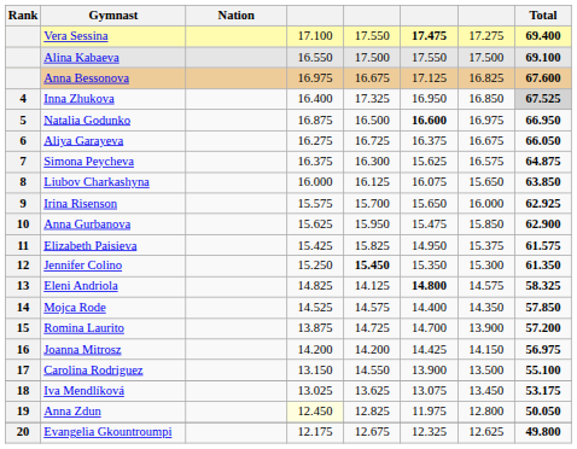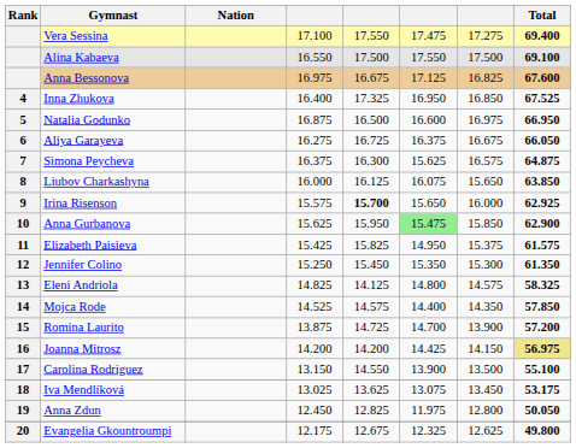 <table class="wikitable sortable" style="text-align:center; font-size:85%">
 <tr>
 <th scope="col" style="width:20px;">Rank</th>
 <th ! scope="col" style="width:170px;">Gymnast</th>
 <th ! scope="col" style="width:120px;">Nation</th>
 <th ! scope="col" style="width:60px;"></th>
 <th ! scope="col" style="width:60px;"></th>
 <th ! scope="col" style="width:60px;"></th>
 <th ! scope="col" style="width:60px;"></th>
 <th ! scope="col" style="width:60px;">Total</th>
 </tr>
 <tr style="background:#fffcaf;">
 <th scope=row style="text-align:center"></th>
 <td align=left><a href='#'>Vera Sessina</a></td>
 <td style="text-align:left;"></td>
 <td>17.100</td>
 <td>17.550</td>
-<td><strong>17.475</strong></td>
+<td>17.475</td>
 <td>17.275</td>
 <td><strong>69.400</strong></td>
 </tr>
 <tr style="background:#e5e5e5;">
 <th scope=row style="text-align:center"></th>
 <td align=left><a href='#'>Alina Kabaeva</a></td>
 <td style="text-align:left;"></td>
 <td>16.550</td>
 <td>17.500</td>
 <td>17.550</td>
 <td>17.500</td>
 <td><strong>69.100</strong></td>
 </tr>
 <tr style="background:#ec9;">
 <th scope=row style="text-align:center"></th>
 <td align=left><a href='#'>Anna Bessonova</a></td>
 <td style="text-align:left;"></td>
 <td>16.975</td>
 <td>16.675</td>
 <td>17.125</td>
 <td>16.825</td>
 <td><strong>67.600</strong></td>
 </tr>
 <tr>
 <th scope=row style="text-align:center">4</th>
 <td align=left><a href='#'>Inna Zhukova</a></td>
 <td style="text-align:left;"></td>
 <td>16.400</td>
 <td>17.325</td>
 <td>16.950</td>
 <td>16.850</td>
-<td style="background: lightgrey;"><strong>67.525</strong></td>
+<td><strong>67.525</strong></td>
 </tr>
 <tr>
 <th scope=row style="text-align:center">5</th>
 <td align=left><a href='#'>Natalia Godunko</a></td>
 <td style="text-align:left;"></td>
 <td>16.875</td>
 <td>16.500</td>
-<td><strong>16.600</strong></td>
+<td>16.600</td>
 <td>16.975</td>
 <td><strong>66.950</strong></td>
 </tr>
 <tr>
 <th scope=row style="text-align:center">6</th>
 <td align=left><a href='#'>Aliya Garayeva</a></td>
 <td style="text-align:left;"></td>
 <td>16.275</td>
 <td>16.725</td>
 <td>16.375</td>
 <td>16.675</td>
 <td><strong>66.050</strong></td>
 </tr>
 <tr>
 <th scope=row style="text-align:center">7</th>
 <td align=left><a href='#'>Simona Peycheva</a></td>
 <td style="text-align:left;"></td>
 <td>16.375</td>
 <td>16.300</td>
 <td>15.625</td>
 <td>16.575</td>
 <td><strong>64.875</strong></td>
 </tr>
 <tr>
 <th scope=row style="text-align:center">8</th>
 <td align=left><a href='#'>Liubov Charkashyna</a></td>
 <td style="text-align:left;"></td>
 <td>16.000</td>
 <td>16.125</td>
 <td>16.075</td>
 <td>15.650</td>
 <td><strong>63.850</strong></td>
 </tr>
 <tr>
 <th scope=row style="text-align:center">9</th>
 <td align=left><a href='#'>Irina Risenson</a></td>
 <td style="text-align:left;"></td>
 <td>15.575</td>
-<td>15.700</td>
+<td><strong>15.700</strong></td>
 <td>15.650</td>
 <td>16.000</td>
 <td><strong>62.925</strong></td>
 </tr>
 <tr>
 <th scope=row style="text-align:center">10</th>
 <td align=left><a href='#'>Anna Gurbanova</a></td>
 <td style="text-align:left;"></td>
 <td>15.625</td>
 <td>15.950</td>
-<td>15.475</td>
+<td style="background: lightgreen;">15.475</td>
 <td>15.850</td>
 <td><strong>62.900</strong></td>
 </tr>
 <tr>
 <th scope=row style="text-align:center">11</th>
 <td align=left><a href='#'>Elizabeth Paisieva</a></td>
 <td style="text-align:left;"></td>
 <td>15.425</td>
 <td>15.825</td>
 <td>14.950</td>
 <td>15.375</td>
 <td><strong>61.575</strong></td>
 </tr>
 <tr>
 <th scope=row style="text-align:center">12</th>
 <td align=left><a href='#'>Jennifer Colino</a></td>
 <td style="text-align:left;"></td>
 <td>15.250</td>
-<td><strong>15.450</strong></td>
+<td>15.450</td>
 <td>15.350</td>
 <td>15.300</td>
 <td><strong>61.350</strong></td>
 </tr>
 <tr>
 <th scope=row style="text-align:center">13</th>
 <td align=left><a href='#'>Eleni Andriola</a></td>
 <td style="text-align:left;"></td>
 <td>14.825</td>
 <td>14.125</td>
-<td><strong>14.800</strong></td>
+<td>14.800</td>
 <td>14.575</td>
 <td><strong>58.325</strong></td>
 </tr>
 <tr>
 <th scope=row style="text-align:center">14</th>
 <td align=left><a href='#'>Mojca Rode</a></td>
 <td style="text-align:left;"></td>
 <td>14.525</td>
 <td>14.575</td>
 <td>14.400</td>
 <td>14.350</td>
 <td><strong>57.850</strong></td>
 </tr>
 <tr>
 <th scope=row style="text-align:center">15</th>
 <td align=left><a href='#'>Romina Laurito</a></td>
 <td style="text-align:left;"></td>
 <td>13.875</td>
 <td>14.725</td>
 <td>14.700</td>
 <td>13.900</td>
 <td><strong>57.200</strong></td>
 </tr>
 <tr>
 <th scope=row style="text-align:center">16</th>
 <td align=left><a href='#'>Joanna Mitrosz</a></td>
 <td style="text-align:left;"></td>
 <td>14.200</td>
 <td>14.200</td>
 <td>14.425</td>
 <td>14.150</td>
-<td><strong>56.975</strong></td>
+<td style="background: khaki;"><strong>56.975</strong></td>
 </tr>
 <tr>
 <th scope=row style="text-align:center">17</th>
 <td align=left><a href='#'>Carolina Rodriguez</a></td>
 <td style="text-align:left;"></td>
 <td>13.150</td>
 <td>14.550</td>
 <td>13.900</td>
 <td>13.500</td>
 <td><strong>55.100</strong></td>
 </tr>
 <tr>
 </tr>
 <tr>
 <th scope=row style="text-align:center">18</th>
 <td align=left><a href='#'>Iva Mendlíková</a></td>
 <td style="text-align:left;"></td>
 <td>13.025</td>
 <td>13.625</td>
 <td>13.075</td>
 <td>13.450</td>
 <td><strong>53.175</strong></td>
 </tr>
 <tr>
 <th scope=row style="text-align:center">19</th>
 <td align=left><a href='#'>Anna Zdun</a></td>
 <td style="text-align:left;"></td>
-<td style="background: lightyellow;">12.450</td>
+<td>12.450</td>
 <td>12.825</td>
 <td>11.975</td>
 <td>12.800</td>
 <td><strong>50.050</strong></td>
 </tr>
 <tr>
 </tr>
 <tr>
 <th scope=row style="text-align:center">20</th>
 <td align=left><a href='#'>Evangelia Gkountroumpi</a></td>
 <td style="text-align:left;"></td>
 <td>12.175</td>
 <td>12.675</td>
 <td>12.325</td>
 <td>12.625</td>
 <td><strong>49.800</strong></td>
 </tr>
 </table>
